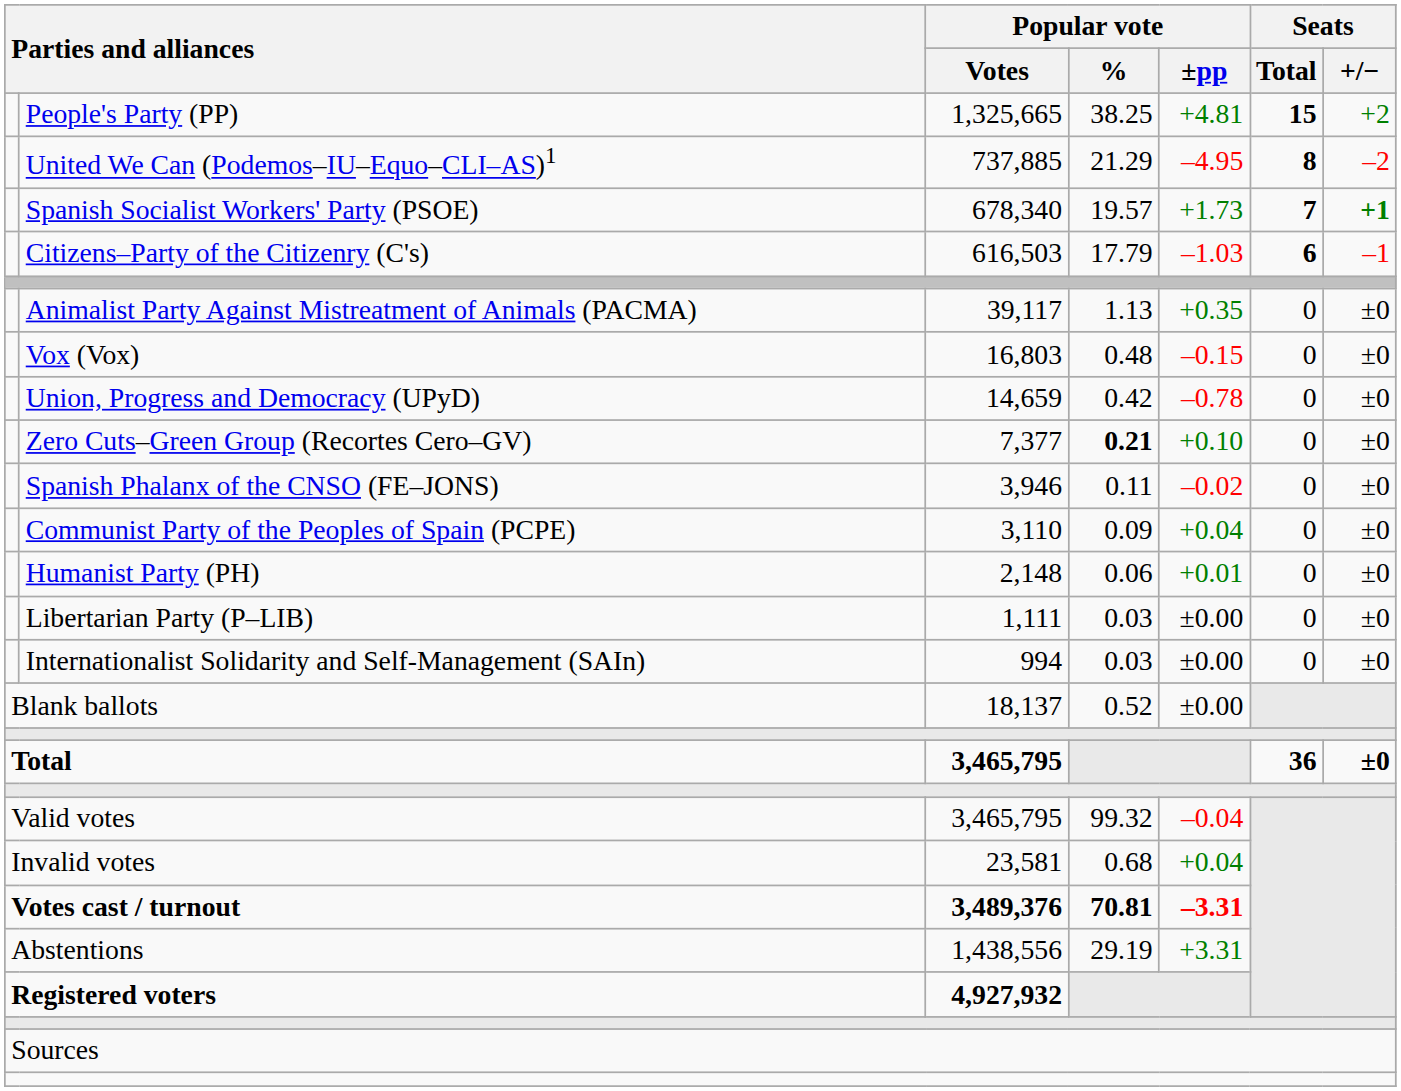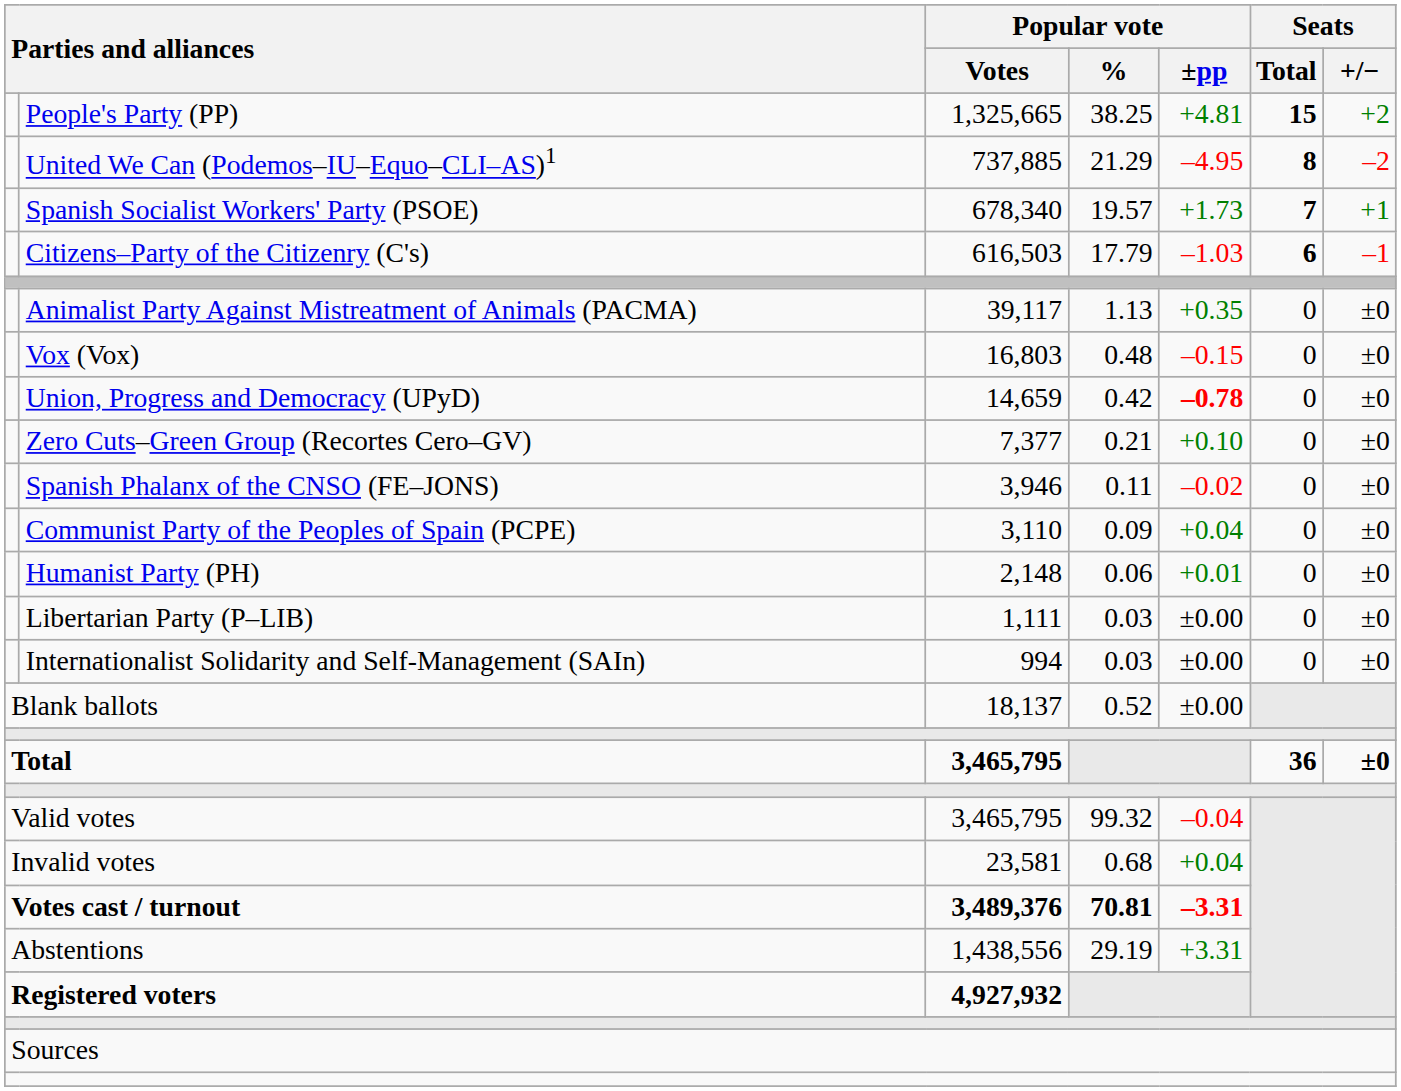 <table class="wikitable" style="text-align:right;">
 <tr>
 <th style="text-align:left;" rowspan="2" colspan="2" width="525">Parties and alliances</th>
 <th colspan="3">Popular vote</th>
 <th colspan="2">Seats</th>
 </tr>
 <tr>
 <th width="75">Votes</th>
 <th width="45">%</th>
 <th width="45">±<a href='#'>pp</a></th>
 <th width="35">Total</th>
 <th width="35">+/−</th>
 </tr>
 <tr>
 <td width="1" style="color:inherit;background:"></td>
 <td align="left"><a href='#'>People's Party</a> (PP)</td>
 <td>1,325,665</td>
 <td>38.25</td>
 <td style="color:green;">+4.81</td>
 <td><strong>15</strong></td>
 <td style="color:green;">+2</td>
 </tr>
 <tr>
 <td style="color:inherit;background:"></td>
 <td align="left"><a href='#'>United We Can</a> (<a href='#'>Podemos</a>–<a href='#'>IU</a>–<a href='#'>Equo</a>–<a href='#'>CLI–AS</a>)<sup>1</sup></td>
 <td>737,885</td>
 <td>21.29</td>
 <td style="color:red;">–4.95</td>
 <td><strong>8</strong></td>
 <td style="color:red;">–2</td>
 </tr>
 <tr>
 <td style="color:inherit;background:"></td>
 <td align="left"><a href='#'>Spanish Socialist Workers' Party</a> (PSOE)</td>
 <td>678,340</td>
 <td>19.57</td>
 <td style="color:green;">+1.73</td>
 <td><strong>7</strong></td>
-<td style="color:green;"><strong>+1</strong></td>
+<td style="color:green;">+1</td>
 </tr>
 <tr>
 <td style="color:inherit;background:"></td>
 <td align="left"><a href='#'>Citizens–Party of the Citizenry</a> (C's)</td>
 <td>616,503</td>
 <td>17.79</td>
 <td style="color:red;">–1.03</td>
 <td><strong>6</strong></td>
 <td style="color:red;">–1</td>
 </tr>
 <tr>
 <td colspan="7" bgcolor="#C0C0C0"></td>
 </tr>
 <tr>
 <td style="color:inherit;background:"></td>
 <td align="left"><a href='#'>Animalist Party Against Mistreatment of Animals</a> (PACMA)</td>
 <td>39,117</td>
 <td>1.13</td>
 <td style="color:green;">+0.35</td>
 <td>0</td>
 <td>±0</td>
 </tr>
 <tr>
 <td style="color:inherit;background:"></td>
 <td align="left"><a href='#'>Vox</a> (Vox)</td>
 <td>16,803</td>
 <td>0.48</td>
 <td style="color:red;">–0.15</td>
 <td>0</td>
 <td>±0</td>
 </tr>
 <tr>
 <td style="color:inherit;background:"></td>
 <td align="left"><a href='#'>Union, Progress and Democracy</a> (UPyD)</td>
 <td>14,659</td>
 <td>0.42</td>
-<td style="color:red;">–0.78</td>
+<td style="color:red;"><strong>–0.78</strong></td>
 <td>0</td>
 <td>±0</td>
 </tr>
 <tr>
 <td style="color:inherit;background:"></td>
 <td align="left"><a href='#'>Zero Cuts</a>–<a href='#'>Green Group</a> (Recortes Cero–GV)</td>
 <td>7,377</td>
-<td><strong>0.21</strong></td>
+<td>0.21</td>
 <td style="color:green;">+0.10</td>
 <td>0</td>
 <td>±0</td>
 </tr>
 <tr>
 <td style="color:inherit;background:"></td>
 <td align="left"><a href='#'>Spanish Phalanx of the CNSO</a> (FE–JONS)</td>
 <td>3,946</td>
 <td>0.11</td>
 <td style="color:red;">–0.02</td>
 <td>0</td>
 <td>±0</td>
 </tr>
 <tr>
 <td style="color:inherit;background:"></td>
 <td align="left"><a href='#'>Communist Party of the Peoples of Spain</a> (PCPE)</td>
 <td>3,110</td>
 <td>0.09</td>
 <td style="color:green;">+0.04</td>
 <td>0</td>
 <td>±0</td>
 </tr>
 <tr>
 <td style="color:inherit;background:"></td>
 <td align="left"><a href='#'>Humanist Party</a> (PH)</td>
 <td>2,148</td>
 <td>0.06</td>
 <td style="color:green;">+0.01</td>
 <td>0</td>
 <td>±0</td>
 </tr>
 <tr>
 <td style="color:inherit;background:"></td>
 <td align="left">Libertarian Party (P–LIB)</td>
 <td>1,111</td>
 <td>0.03</td>
 <td>±0.00</td>
 <td>0</td>
 <td>±0</td>
 </tr>
 <tr>
 <td style="color:inherit;background:"></td>
 <td align="left">Internationalist Solidarity and Self-Management (SAIn)</td>
 <td>994</td>
 <td>0.03</td>
 <td>±0.00</td>
 <td>0</td>
 <td>±0</td>
 </tr>
 <tr>
 <td align="left" colspan="2">Blank ballots</td>
 <td>18,137</td>
 <td>0.52</td>
 <td>±0.00</td>
 <td bgcolor="#E9E9E9" colspan="2"></td>
 </tr>
 <tr>
 <td colspan="7" bgcolor="#E9E9E9"></td>
 </tr>
 <tr style="font-weight:bold;">
 <td align="left" colspan="2">Total</td>
 <td>3,465,795</td>
 <td bgcolor="#E9E9E9" colspan="2"></td>
 <td>36</td>
 <td>±0</td>
 </tr>
 <tr>
 <td colspan="7" bgcolor="#E9E9E9"></td>
 </tr>
 <tr>
 <td align="left" colspan="2">Valid votes</td>
 <td>3,465,795</td>
 <td>99.32</td>
 <td style="color:red;">–0.04</td>
 <td bgcolor="#E9E9E9" colspan="2" rowspan="5"></td>
 </tr>
 <tr>
 <td align="left" colspan="2">Invalid votes</td>
 <td>23,581</td>
 <td>0.68</td>
 <td style="color:green;">+0.04</td>
 </tr>
 <tr style="font-weight:bold;">
 <td align="left" colspan="2">Votes cast / turnout</td>
 <td>3,489,376</td>
 <td>70.81</td>
 <td style="color:red;">–3.31</td>
 </tr>
 <tr>
 <td align="left" colspan="2">Abstentions</td>
 <td>1,438,556</td>
 <td>29.19</td>
 <td style="color:green;">+3.31</td>
 </tr>
 <tr style="font-weight:bold;">
 <td align="left" colspan="2">Registered voters</td>
 <td>4,927,932</td>
 <td bgcolor="#E9E9E9" colspan="2"></td>
 </tr>
 <tr>
 <td colspan="7" bgcolor="#E9E9E9"></td>
 </tr>
 <tr>
 <td align="left" colspan="7">Sources</td>
 </tr>
 <tr>
 <td colspan="7" style="text-align:left; max-width:790px;"></td>
 </tr>
 </table>
